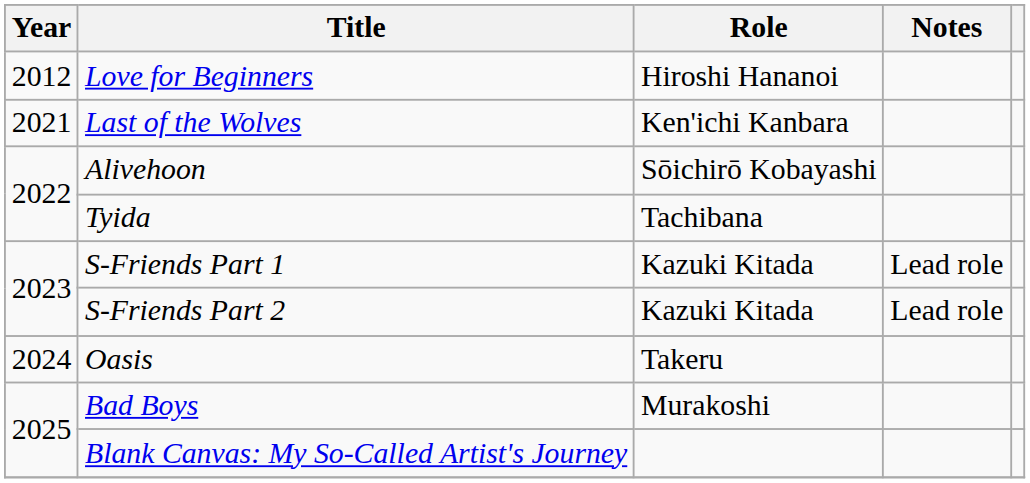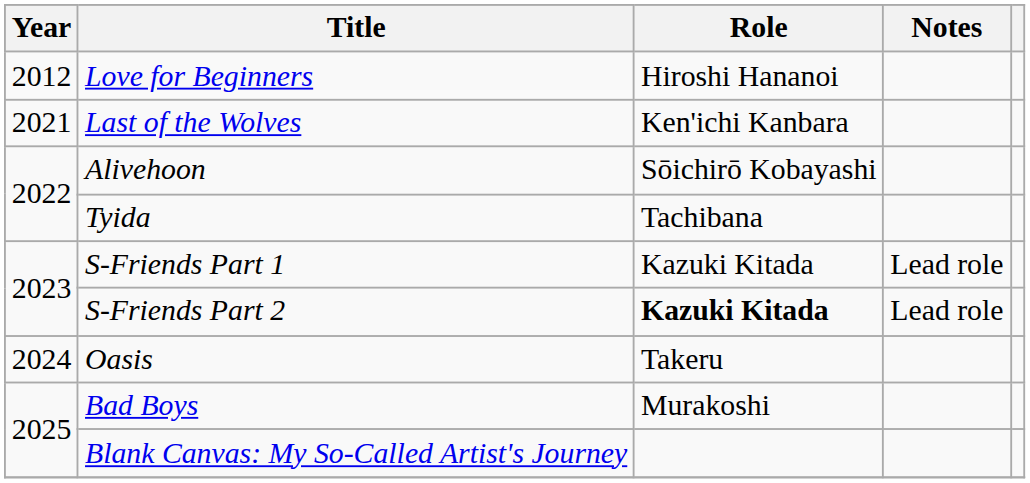 <table class="wikitable sortable">
 <tr>
 <th>Year</th>
 <th>Title</th>
 <th>Role</th>
 <th class="unsortable">Notes</th>
 <th class="unsortable"></th>
 </tr>
 <tr>
 <td>2012</td>
 <td><em><a href='#'>Love for Beginners</a></em></td>
 <td>Hiroshi Hananoi</td>
 <td></td>
 <td></td>
 </tr>
 <tr>
 <td>2021</td>
 <td><em><a href='#'>Last of the Wolves</a></em></td>
 <td>Ken'ichi Kanbara</td>
 <td></td>
 <td></td>
 </tr>
 <tr>
 <td rowspan=2>2022</td>
 <td><em>Alivehoon</em></td>
 <td>Sōichirō Kobayashi</td>
 <td></td>
 <td></td>
 </tr>
 <tr>
 <td><em>Tyida</em></td>
 <td>Tachibana</td>
 <td></td>
 <td></td>
 </tr>
 <tr>
 <td rowspan=2>2023</td>
 <td><em>S-Friends Part 1</em></td>
 <td>Kazuki Kitada</td>
 <td>Lead role</td>
 <td></td>
 </tr>
 <tr>
 <td><em>S-Friends Part 2</em></td>
-<td>Kazuki Kitada</td>
+<td><strong>Kazuki Kitada</strong></td>
 <td>Lead role</td>
 <td></td>
 </tr>
 <tr>
 <td>2024</td>
 <td><em>Oasis</em></td>
 <td>Takeru</td>
 <td></td>
 <td></td>
 </tr>
 <tr>
 <td rowspan=2>2025</td>
 <td><em><a href='#'>Bad Boys</a></em></td>
 <td>Murakoshi</td>
 <td></td>
 <td></td>
 </tr>
 <tr>
 <td><em><a href='#'>Blank Canvas: My So-Called Artist's Journey</a></em></td>
 <td></td>
 <td></td>
 <td></td>
 </tr>
 <tr>
 </tr>
 </table>
